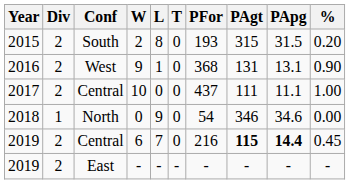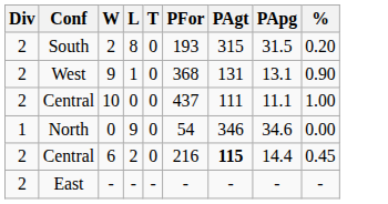 <table class="wikitable" style="text-align: center;">
 <tr>
-<th>Year</th>
 <th>Div</th>
 <th>Conf</th>
 <th>W</th>
 <th>L</th>
 <th>T</th>
 <th>PFor</th>
 <th>PAgt</th>
 <th>PApg</th>
 <th>%</th>
 </tr>
 <tr>
-<td>2015</td>
 <td>2</td>
 <td>South</td>
 <td>2</td>
 <td>8</td>
 <td>0</td>
 <td>193</td>
 <td>315</td>
 <td>31.5</td>
 <td>0.20</td>
 </tr>
 <tr>
-<td>2016</td>
 <td>2</td>
 <td>West</td>
 <td>9</td>
 <td>1</td>
 <td>0</td>
 <td>368</td>
 <td>131</td>
 <td>13.1</td>
 <td>0.90</td>
 </tr>
 <tr>
-<td>2017</td>
 <td>2</td>
 <td>Central</td>
 <td>10</td>
 <td>0</td>
 <td>0</td>
 <td>437</td>
 <td>111</td>
 <td>11.1</td>
 <td>1.00</td>
 </tr>
 <tr>
-<td>2018</td>
 <td>1</td>
 <td>North</td>
 <td>0</td>
 <td>9</td>
 <td>0</td>
 <td>54</td>
 <td>346</td>
 <td>34.6</td>
 <td>0.00</td>
 </tr>
 <tr>
-<td>2019</td>
 <td>2</td>
 <td>Central</td>
 <td>6</td>
-<td>7</td>
+<td>2</td>
 <td>0</td>
 <td>216</td>
 <td><strong>115</strong></td>
-<td><strong>14.4</strong></td>
+<td>14.4</td>
 <td>0.45</td>
 </tr>
 <tr>
-<td>2019</td>
 <td>2</td>
 <td>East</td>
 <td>-</td>
 <td>-</td>
 <td>-</td>
 <td>-</td>
 <td>-</td>
 <td>-</td>
 <td>-</td>
 </tr>
 </table>
